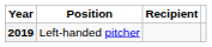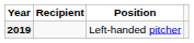 <table class="wikitable sortable plainrowheaders" style="text-align:center">
 <tr>
 <th scope="col" style="background-color:#ffffff; border-top:#">Year</th>
+<th scope="col" style="background-color:#ffffff; border-top:#">Recipient</th>
 <th scope="col" style="background-color:#ffffff; border-top:#">Position</th>
-<th scope="col" style="background-color:#ffffff; border-top:#">Recipient</th>
 <th scope="col" class="unsortable" style="background-color:#ffffff; border-top:#"></th>
 </tr>
 <tr>
 <th scope="row" style="text-align:center">2019</th>
+<td></td>
 <td>Left-handed <a href='#'>pitcher</a></td>
-<td></td>
 <td></td>
 </tr>
 </table>
